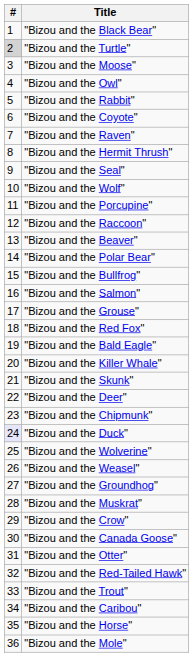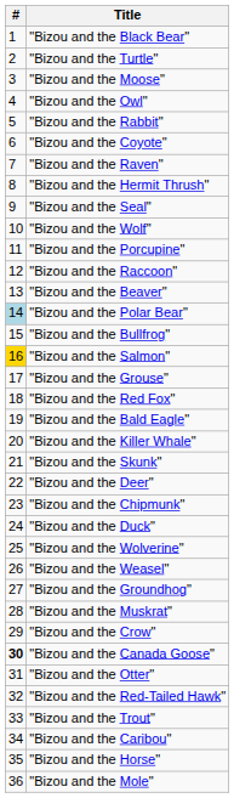 <table class="wikitable">
 <tr>
 <th>#</th>
 <th>Title</th>
 </tr>
 <tr>
 <td>1</td>
 <td>"Bizou and the <a href='#'>Black Bear</a>"</td>
 </tr>
 <tr>
-<td style="background: lightgrey;">2</td>
+<td>2</td>
 <td>"Bizou and the <a href='#'>Turtle</a>"</td>
 </tr>
 <tr>
 <td>3</td>
 <td>"Bizou and the <a href='#'>Moose</a>"</td>
 </tr>
 <tr>
 <td>4</td>
 <td>"Bizou and the <a href='#'>Owl</a>"</td>
 </tr>
 <tr>
 <td>5</td>
 <td>"Bizou and the <a href='#'>Rabbit</a>"</td>
 </tr>
 <tr>
 <td>6</td>
 <td>"Bizou and the <a href='#'>Coyote</a>"</td>
 </tr>
 <tr>
 <td>7</td>
 <td>"Bizou and the <a href='#'>Raven</a>"</td>
 </tr>
 <tr>
 <td>8</td>
 <td>"Bizou and the <a href='#'>Hermit Thrush</a>"</td>
 </tr>
 <tr>
 <td>9</td>
 <td>"Bizou and the <a href='#'>Seal</a>"</td>
 </tr>
 <tr>
 <td>10</td>
 <td>"Bizou and the <a href='#'>Wolf</a>"</td>
 </tr>
 <tr>
 <td>11</td>
 <td>"Bizou and the <a href='#'>Porcupine</a>"</td>
 </tr>
 <tr>
 <td>12</td>
 <td>"Bizou and the <a href='#'>Raccoon</a>"</td>
 </tr>
 <tr>
 <td>13</td>
 <td>"Bizou and the <a href='#'>Beaver</a>"</td>
 </tr>
 <tr>
-<td>14</td>
+<td style="background: lightblue;">14</td>
 <td>"Bizou and the <a href='#'>Polar Bear</a>"</td>
 </tr>
 <tr>
 <td>15</td>
 <td>"Bizou and the <a href='#'>Bullfrog</a>"</td>
 </tr>
 <tr>
-<td>16</td>
+<td style="background: gold;">16</td>
 <td>"Bizou and the <a href='#'>Salmon</a>"</td>
 </tr>
 <tr>
 <td>17</td>
 <td>"Bizou and the <a href='#'>Grouse</a>"</td>
 </tr>
 <tr>
 <td>18</td>
 <td>"Bizou and the <a href='#'>Red Fox</a>"</td>
 </tr>
 <tr>
 <td>19</td>
 <td>"Bizou and the <a href='#'>Bald Eagle</a>"</td>
 </tr>
 <tr>
 <td>20</td>
 <td>"Bizou and the <a href='#'>Killer Whale</a>"</td>
 </tr>
 <tr>
 <td>21</td>
 <td>"Bizou and the <a href='#'>Skunk</a>"</td>
 </tr>
 <tr>
 <td>22</td>
 <td>"Bizou and the <a href='#'>Deer</a>"</td>
 </tr>
 <tr>
 <td>23</td>
 <td>"Bizou and the <a href='#'>Chipmunk</a>"</td>
 </tr>
 <tr>
-<td style="background: lavender;">24</td>
+<td>24</td>
 <td>"Bizou and the <a href='#'>Duck</a>"</td>
 </tr>
 <tr>
 <td>25</td>
 <td>"Bizou and the <a href='#'>Wolverine</a>"</td>
 </tr>
 <tr>
 <td>26</td>
 <td>"Bizou and the <a href='#'>Weasel</a>"</td>
 </tr>
 <tr>
 <td>27</td>
 <td>"Bizou and the <a href='#'>Groundhog</a>"</td>
 </tr>
 <tr>
 <td>28</td>
 <td>"Bizou and the <a href='#'>Muskrat</a>"</td>
 </tr>
 <tr>
 <td>29</td>
 <td>"Bizou and the <a href='#'>Crow</a>"</td>
 </tr>
 <tr>
-<td>30</td>
+<td><strong>30</strong></td>
 <td>"Bizou and the <a href='#'>Canada Goose</a>"</td>
 </tr>
 <tr>
 <td>31</td>
 <td>"Bizou and the <a href='#'>Otter</a>"</td>
 </tr>
 <tr>
 <td>32</td>
 <td>"Bizou and the <a href='#'>Red-Tailed Hawk</a>"</td>
 </tr>
 <tr>
 <td>33</td>
 <td>"Bizou and the <a href='#'>Trout</a>"</td>
 </tr>
 <tr>
 <td>34</td>
 <td>"Bizou and the <a href='#'>Caribou</a>"</td>
 </tr>
 <tr>
 <td>35</td>
 <td>"Bizou and the <a href='#'>Horse</a>"</td>
 </tr>
 <tr>
 <td>36</td>
 <td>"Bizou and the <a href='#'>Mole</a>"</td>
 </tr>
 </table>
